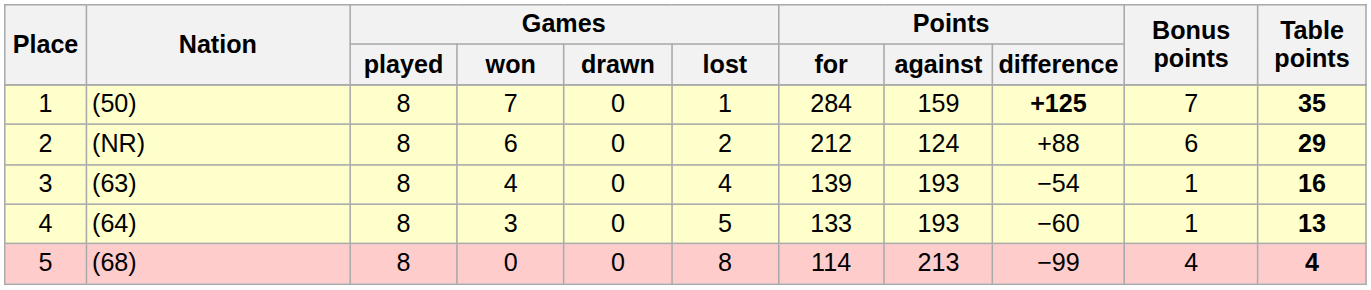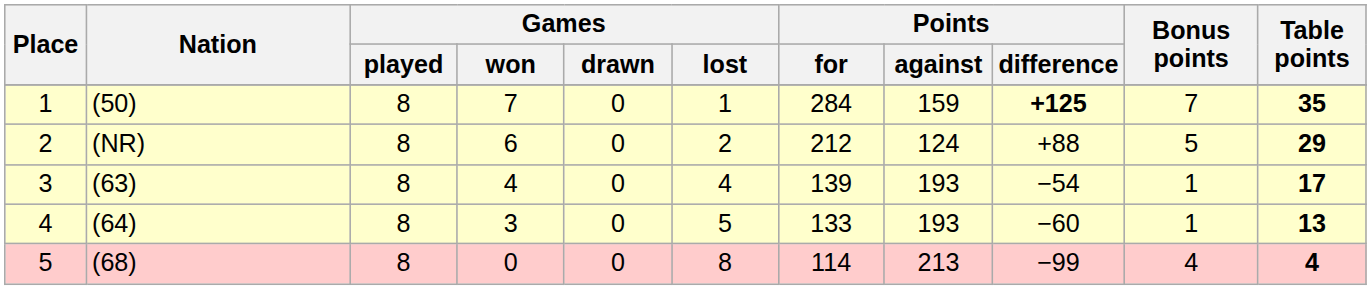 <table class="wikitable">
 <tr>
 <th rowspan=2 width="6%">Place</th>
 <th rowspan=2 width="20%">Nation</th>
 <th colspan=4 width="40%">Games</th>
 <th colspan=3 width="24%">Points</th>
 <th rowspan=2 width="10%">Bonus<br>points</th>
 <th rowspan=2 width="10%">Table<br>points</th>
 </tr>
 <tr>
 <th width="8%">played</th>
 <th width="8%">won</th>
 <th width="8%">drawn</th>
 <th width="8%">lost</th>
 <th width="8%">for</th>
 <th width="8%">against</th>
 <th width="8%">difference</th>
 </tr>
 <tr>
 </tr>
 <tr align=center bgcolor="#ffffcc">
 <td>1</td>
 <td align=left> (50)</td>
 <td>8</td>
 <td>7</td>
 <td>0</td>
 <td>1</td>
 <td>284</td>
 <td>159</td>
 <td><strong>+125</strong></td>
 <td>7</td>
 <td><strong>35</strong></td>
 </tr>
 <tr align=center bgcolor="#ffffcc">
 <td>2</td>
 <td align=left> (NR)</td>
 <td>8</td>
 <td>6</td>
 <td>0</td>
 <td>2</td>
 <td>212</td>
 <td>124</td>
 <td>+88</td>
-<td>6</td>
+<td>5</td>
 <td><strong>29</strong></td>
 </tr>
 <tr align=center bgcolor="#ffffcc">
 <td>3</td>
 <td align=left> (63)</td>
 <td>8</td>
 <td>4</td>
 <td>0</td>
 <td>4</td>
 <td>139</td>
 <td>193</td>
 <td>−54</td>
 <td>1</td>
-<td><strong>16</strong></td>
+<td><strong>17</strong></td>
 </tr>
 <tr align=center bgcolor="#ffffcc">
 <td>4</td>
 <td align=left> (64)</td>
 <td>8</td>
 <td>3</td>
 <td>0</td>
 <td>5</td>
 <td>133</td>
 <td>193</td>
 <td>−60</td>
 <td>1</td>
 <td><strong>13</strong></td>
 </tr>
 <tr align=center bgcolor="#ffcccc">
 <td>5</td>
 <td align=left> (68)</td>
 <td>8</td>
 <td>0</td>
 <td>0</td>
 <td>8</td>
 <td>114</td>
 <td>213</td>
 <td>−99</td>
 <td>4</td>
 <td><strong>4</strong></td>
 </tr>
 </table>
